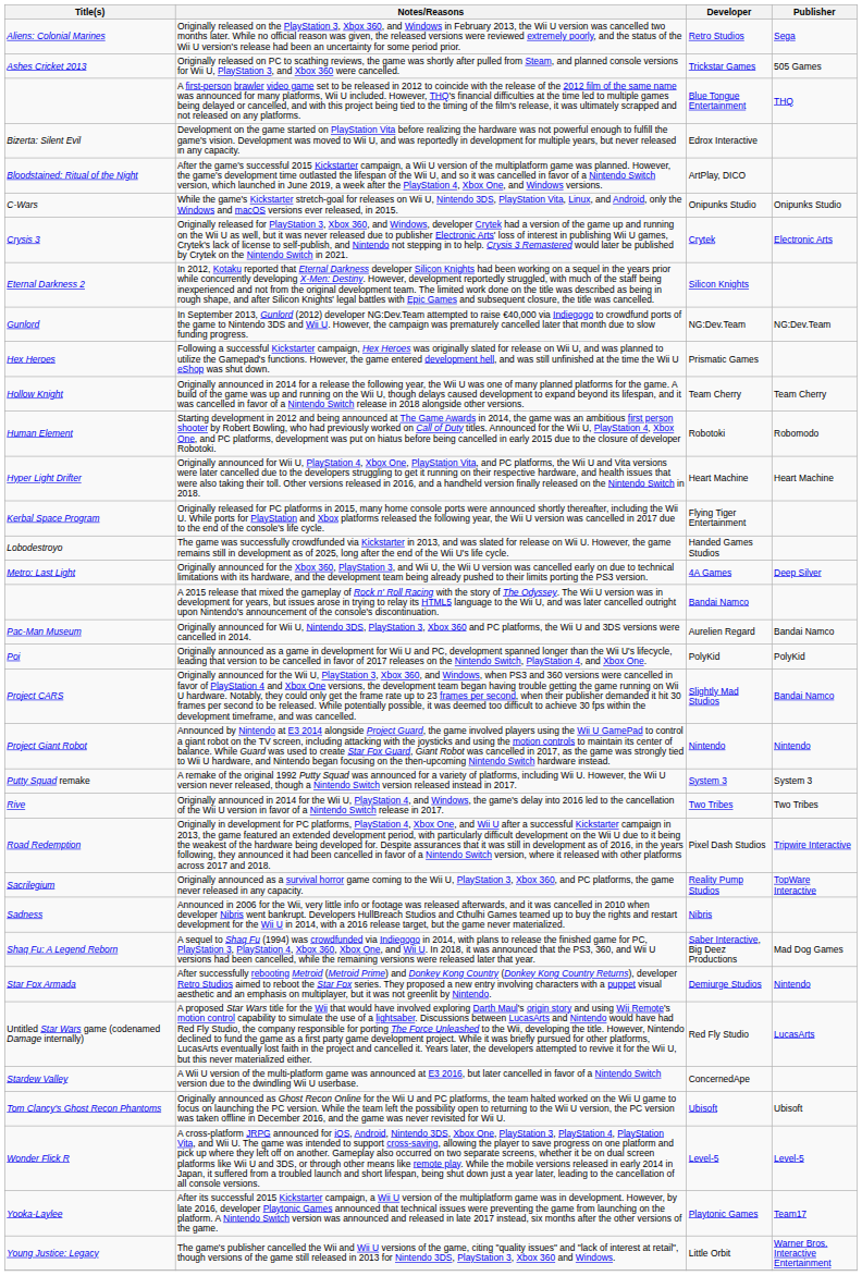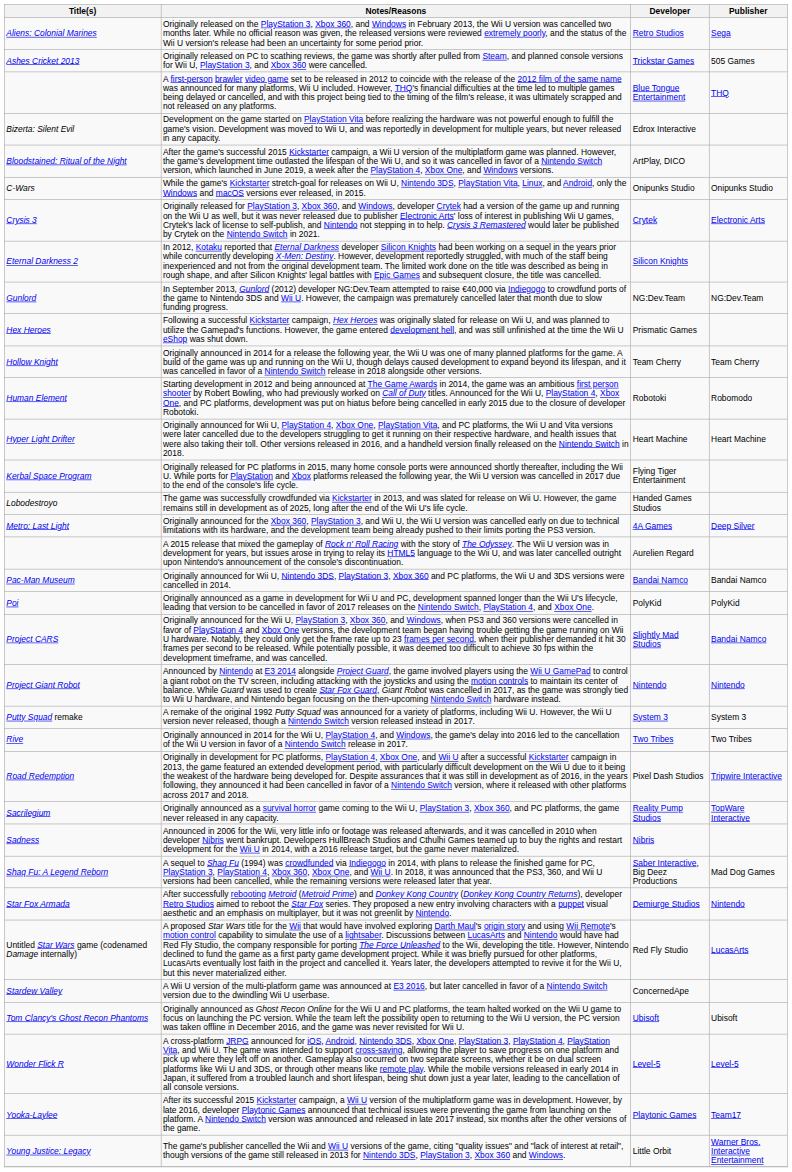 <table class="wikitable sortable" id="softwarelist" style="width:100%; font-size:85%;">
 <tr>
 <th width=20%>Title(s)</th>
 <th width=60% class="unsortable">Notes/Reasons</th>
 <th width=10%>Developer</th>
 <th width=10%>Publisher</th>
 </tr>
 <tr>
 <td id="A"><em><a href='#'>Aliens: Colonial Marines</a></em></td>
 <td>Originally released on the <a href='#'>PlayStation 3</a>, <a href='#'>Xbox 360</a>, and <a href='#'>Windows</a> in February 2013, the Wii U version was cancelled two months later. While no official reason was given, the released versions were reviewed <a href='#'>extremely poorly</a>, and the status of the Wii U version's release had been an uncertainty for some period prior.</td>
 <td><a href='#'>Retro Studios</a></td>
 <td><a href='#'>Sega</a></td>
 </tr>
 <tr>
 <td><em><a href='#'>Ashes Cricket 2013</a></em></td>
 <td>Originally released on PC to scathing reviews, the game was shortly after pulled from <a href='#'>Steam</a>, and planned console versions for Wii U, <a href='#'>PlayStation 3</a>, and <a href='#'>Xbox 360</a> were cancelled.</td>
 <td><a href='#'>Trickstar Games</a></td>
 <td>505 Games</td>
 </tr>
 <tr>
 <td></td>
 <td>A <a href='#'>first-person</a> <a href='#'>brawler</a> <a href='#'>video game</a> set to be released in 2012 to coincide with the release of the <a href='#'>2012 film of the same name</a> was announced for many platforms, Wii U included. However, <a href='#'>THQ</a>'s financial difficulties at the time led to multiple games being delayed or cancelled, and with this project being tied to the timing of the film's release, it was ultimately scrapped and not released on any platforms.</td>
 <td><a href='#'>Blue Tongue Entertainment</a></td>
 <td><a href='#'>THQ</a></td>
 </tr>
 <tr>
 <td id="B"><em>Bizerta: Silent Evil</em></td>
 <td>Development on the game started on <a href='#'>PlayStation Vita</a> before realizing the hardware was not powerful enough to fulfill the game's vision. Development was moved to Wii U, and was reportedly in development for multiple years, but never released in any capacity.</td>
 <td>Edrox Interactive</td>
 <td></td>
 </tr>
 <tr>
 <td><em><a href='#'>Bloodstained: Ritual of the Night</a></em></td>
 <td>After the game's successful 2015 <a href='#'>Kickstarter</a> campaign, a Wii U version of the multiplatform game was planned. However, the game's development time outlasted the lifespan of the Wii U, and so it was cancelled in favor of a <a href='#'>Nintendo Switch</a> version, which launched in June 2019, a week after the <a href='#'>PlayStation 4</a>, <a href='#'>Xbox One</a>, and <a href='#'>Windows</a> versions.</td>
 <td>ArtPlay, DICO</td>
 <td></td>
 </tr>
 <tr>
 <td id="C"><em>C-Wars</em></td>
 <td>While the game's <a href='#'>Kickstarter</a> stretch-goal for releases on Wii U, <a href='#'>Nintendo 3DS</a>, <a href='#'>PlayStation Vita</a>, <a href='#'>Linux</a>, and <a href='#'>Android</a>, only the <a href='#'>Windows</a> and <a href='#'>macOS</a> versions ever released, in 2015.</td>
 <td>Onipunks Studio</td>
 <td>Onipunks Studio</td>
 </tr>
 <tr>
 <td><em><a href='#'>Crysis 3</a></em></td>
 <td>Originally released for <a href='#'>PlayStation 3</a>, <a href='#'>Xbox 360</a>, and <a href='#'>Windows</a>, developer <a href='#'>Crytek</a> had a version of the game up and running on the Wii U as well, but it was never released due to publisher <a href='#'>Electronic Arts</a>' loss of interest in publishing Wii U games, Crytek's lack of license to self-publish, and <a href='#'>Nintendo</a> not stepping in to help. <em><a href='#'>Crysis 3 Remastered</a></em> would later be published by Crytek on the <a href='#'>Nintendo Switch</a> in 2021.</td>
 <td><a href='#'>Crytek</a></td>
 <td><a href='#'>Electronic Arts</a></td>
 </tr>
 <tr>
 <td id="E"><em><a href='#'>Eternal Darkness 2</a></em></td>
 <td>In 2012, <a href='#'>Kotaku</a> reported that <em><a href='#'>Eternal Darkness</a></em> developer <a href='#'>Silicon Knights</a> had been working on a sequel in the years prior while concurrently developing <em><a href='#'>X-Men: Destiny</a></em>. However, development reportedly struggled, with much of the staff being inexperienced and not from the original development team. The limited work done on the title was described as being in rough shape, and after Silicon Knights' legal battles with <a href='#'>Epic Games</a> and subsequent closure, the title was cancelled.</td>
 <td><a href='#'>Silicon Knights</a></td>
 <td></td>
 </tr>
 <tr>
 <td id="G"><em><a href='#'>Gunlord</a></em></td>
 <td>In September 2013, <em><a href='#'>Gunlord</a></em> (2012) developer NG:Dev.Team attempted to raise €40,000 via <a href='#'>Indiegogo</a> to crowdfund ports of the game to Nintendo 3DS and <a href='#'>Wii U</a>. However, the campaign was prematurely cancelled later that month due to slow funding progress.</td>
 <td>NG:Dev.Team</td>
 <td>NG:Dev.Team</td>
 </tr>
 <tr>
 <td id="H"><em><a href='#'>Hex Heroes</a></em></td>
 <td>Following a successful <a href='#'>Kickstarter</a> campaign, <em><a href='#'>Hex Heroes</a></em> was originally slated for release on Wii U, and was planned to utilize the Gamepad's functions. However, the game entered <a href='#'>development hell</a>, and was still unfinished at the time the Wii U <a href='#'>eShop</a> was shut down.</td>
 <td>Prismatic Games</td>
 <td></td>
 </tr>
 <tr>
 <td><em><a href='#'>Hollow Knight</a></em></td>
 <td>Originally announced in 2014 for a release the following year, the Wii U was one of many planned platforms for the game. A build of the game was up and running on the Wii U, though delays caused development to expand beyond its lifespan, and it was cancelled in favor of a <a href='#'>Nintendo Switch</a> release in 2018 alongside other versions.</td>
 <td>Team Cherry</td>
 <td>Team Cherry</td>
 </tr>
 <tr>
 <td><em><a href='#'>Human Element</a></em></td>
 <td>Starting development in 2012 and being announced at <a href='#'>The Game Awards</a> in 2014, the game was an ambitious <a href='#'>first person shooter</a> by Robert Bowling, who had previously worked on <em><a href='#'>Call of Duty</a></em> titles. Announced for the Wii U, <a href='#'>PlayStation 4</a>, <a href='#'>Xbox One</a>, and PC platforms, development was put on hiatus before being cancelled in early 2015 due to the closure of developer Robotoki.</td>
 <td>Robotoki</td>
 <td>Robomodo</td>
 </tr>
 <tr>
 <td><em><a href='#'>Hyper Light Drifter</a></em></td>
 <td>Originally announced for Wii U, <a href='#'>PlayStation 4</a>, <a href='#'>Xbox One</a>, <a href='#'>PlayStation Vita</a>, and PC platforms, the Wii U and Vita versions were later cancelled due to the developers struggling to get it running on their respective hardware, and health issues that were also taking their toll. Other versions released in 2016, and a handheld version finally released on the <a href='#'>Nintendo Switch</a> in 2018.</td>
 <td>Heart Machine</td>
 <td>Heart Machine</td>
 </tr>
 <tr>
 <td id="K"><em><a href='#'>Kerbal Space Program</a></em></td>
 <td>Originally released for PC platforms in 2015, many home console ports were announced shortly thereafter, including the Wii U. While ports for <a href='#'>PlayStation</a> and <a href='#'>Xbox</a> platforms released the following year, the Wii U version was cancelled in 2017 due to the end of the console's life cycle.</td>
 <td>Flying Tiger Entertainment</td>
 <td></td>
 </tr>
 <tr>
 <td id="L"><em>Lobodestroyo</em></td>
 <td>The game was successfully crowdfunded via <a href='#'>Kickstarter</a> in 2013, and was slated for release on Wii U. However, the game remains still in development as of 2025, long after the end of the Wii U's life cycle.</td>
 <td>Handed Games Studios</td>
 <td></td>
 </tr>
 <tr>
 <td id="M"><em><a href='#'>Metro: Last Light</a></em></td>
 <td>Originally announced for the <a href='#'>Xbox 360</a>, <a href='#'>PlayStation 3</a>, and Wii U, the Wii U version was cancelled early on due to technical limitations with its hardware, and the development team being already pushed to their limits porting the PS3 version.</td>
 <td><a href='#'>4A Games</a></td>
 <td><a href='#'>Deep Silver</a></td>
 </tr>
 <tr>
 <td id="N"></td>
 <td>A 2015 release that mixed the gameplay of <em><a href='#'>Rock n' Roll Racing</a></em> with the story of <em><a href='#'>The Odyssey</a></em>. The Wii U version was in development for years, but issues arose in trying to relay its <a href='#'>HTML5</a> language to the Wii U, and was later cancelled outright upon Nintendo's announcement of the console's discontinuation.</td>
-<td><a href='#'>Bandai Namco</a></td>
+<td>Aurelien Regard</td>
 <td></td>
 </tr>
 <tr>
 <td id="P"><em><a href='#'>Pac-Man Museum</a></em></td>
 <td>Originally announced for Wii U, <a href='#'>Nintendo 3DS</a>, <a href='#'>PlayStation 3</a>, <a href='#'>Xbox 360</a> and PC platforms, the Wii U and 3DS versions were cancelled in 2014.</td>
-<td>Aurelien Regard</td>
+<td><a href='#'>Bandai Namco</a></td>
 <td>Bandai Namco</td>
 </tr>
 <tr>
 <td><em><a href='#'>Poi</a></em></td>
 <td>Originally announced as a game in development for Wii U and PC, development spanned longer than the Wii U's lifecycle, leading that version to be cancelled in favor of 2017 releases on the <a href='#'>Nintendo Switch</a>, <a href='#'>PlayStation 4</a>, and <a href='#'>Xbox One</a>.</td>
 <td>PolyKid</td>
 <td>PolyKid</td>
 </tr>
 <tr>
 <td><em><a href='#'>Project CARS</a></em></td>
 <td>Originally announced for the Wii U, <a href='#'>PlayStation 3</a>, <a href='#'>Xbox 360</a>, and <a href='#'>Windows</a>, when PS3 and 360 versions were cancelled in favor of <a href='#'>PlayStation 4</a> and <a href='#'>Xbox One</a> versions, the development team began having trouble getting the game running on Wii U hardware. Notably, they could only get the frame rate up to 23 <a href='#'>frames per second</a>, when their publisher demanded it hit 30 frames per second to be released. While potentially possible, it was deemed too difficult to achieve 30 fps within the development timeframe, and was cancelled.</td>
 <td><a href='#'>Slightly Mad Studios</a></td>
 <td><a href='#'>Bandai Namco</a></td>
 </tr>
 <tr>
 <td><em><a href='#'>Project Giant Robot</a></em></td>
 <td>Announced by <a href='#'>Nintendo</a> at <a href='#'>E3 2014</a> alongside <em><a href='#'>Project Guard</a></em>, the game involved players using the <a href='#'>Wii U GamePad</a> to control a giant robot on the TV screen, including attacking with the joysticks and using the <a href='#'>motion controls</a> to maintain its center of balance. While <em>Guard</em> was used to create <em><a href='#'>Star Fox Guard</a></em>, <em>Giant Robot</em> was cancelled in 2017, as the game was strongly tied to Wii U hardware, and Nintendo began focusing on the then-upcoming <a href='#'>Nintendo Switch</a> hardware instead.</td>
 <td><a href='#'>Nintendo</a></td>
 <td><a href='#'>Nintendo</a></td>
 </tr>
 <tr>
 <td><em><a href='#'>Putty Squad</a></em> remake</td>
 <td>A remake of the original 1992 <em>Putty Squad</em> was announced for a variety of platforms, including Wii U. However, the Wii U version never released, though a <a href='#'>Nintendo Switch</a> version released instead in 2017.</td>
 <td><a href='#'>System 3</a></td>
 <td>System 3</td>
 </tr>
 <tr>
 <td id="R"><em><a href='#'>Rive</a></em></td>
 <td>Originally announced in 2014 for the Wii U, <a href='#'>PlayStation 4</a>, and <a href='#'>Windows</a>, the game's delay into 2016 led to the cancellation of the Wii U version in favor of a <a href='#'>Nintendo Switch</a> release in 2017.</td>
 <td><a href='#'>Two Tribes</a></td>
 <td>Two Tribes</td>
 </tr>
 <tr>
 <td><em><a href='#'>Road Redemption</a></em></td>
 <td>Originally in development for PC platforms, <a href='#'>PlayStation 4</a>, <a href='#'>Xbox One</a>, and <a href='#'>Wii U</a> after a successful <a href='#'>Kickstarter</a> campaign in 2013, the game featured an extended development period, with particularly difficult development on the Wii U due to it being the weakest of the hardware being developed for. Despite assurances that it was still in development as of 2016, in the years following, they announced it had been cancelled in favor of a <a href='#'>Nintendo Switch</a> version, where it released with other platforms across 2017 and 2018.</td>
 <td>Pixel Dash Studios</td>
 <td><a href='#'>Tripwire Interactive</a></td>
 </tr>
 <tr>
 <td id="S"><em><a href='#'>Sacrilegium</a></em></td>
 <td>Originally announced as a <a href='#'>survival horror</a> game coming to the Wii U, <a href='#'>PlayStation 3</a>, <a href='#'>Xbox 360</a>, and PC platforms, the game never released in any capacity.</td>
 <td><a href='#'>Reality Pump Studios</a></td>
 <td><a href='#'>TopWare Interactive</a></td>
 </tr>
 <tr>
 <td><em><a href='#'>Sadness</a></em></td>
 <td>Announced in 2006 for the Wii, very little info or footage was released afterwards, and it was cancelled in 2010 when developer <a href='#'>Nibris</a> went bankrupt. Developers HullBreach Studios and Cthulhi Games teamed up to buy the rights and restart development for the <a href='#'>Wii U</a> in 2014, with a 2016 release target, but the game never materialized.</td>
 <td><a href='#'>Nibris</a></td>
 <td></td>
 </tr>
 <tr>
 <td><em><a href='#'>Shaq Fu: A Legend Reborn</a></em></td>
 <td>A sequel to <em><a href='#'>Shaq Fu</a></em> (1994) was <a href='#'>crowdfunded</a> via <a href='#'>Indiegogo</a> in 2014, with plans to release the finished game for PC, <a href='#'>PlayStation 3</a>, <a href='#'>PlayStation 4</a>, <a href='#'>Xbox 360</a>, <a href='#'>Xbox One</a>, and <a href='#'>Wii U</a>. In 2018, it was announced that the PS3, 360, and Wii U versions had been cancelled, while the remaining versions were released later that year.</td>
 <td><a href='#'>Saber Interactive</a>, Big Deez Productions</td>
 <td>Mad Dog Games</td>
 </tr>
 <tr>
 <td><em><a href='#'>Star Fox Armada</a></em></td>
 <td>After successfully <a href='#'>rebooting</a> <em><a href='#'>Metroid</a></em> (<em><a href='#'>Metroid Prime</a></em>) and <em><a href='#'>Donkey Kong Country</a></em> (<em><a href='#'>Donkey Kong Country Returns</a></em>), developer <a href='#'>Retro Studios</a> aimed to reboot the <em><a href='#'>Star Fox</a></em> series. They proposed a new entry involving characters with a <a href='#'>puppet</a> visual aesthetic and an emphasis on multiplayer, but it was not greenlit by <a href='#'>Nintendo</a>.</td>
 <td><a href='#'>Demiurge Studios</a></td>
 <td><a href='#'>Nintendo</a></td>
 </tr>
 <tr>
 <td>Untitled <em><a href='#'>Star Wars</a></em> game (codenamed <em>Damage</em> internally)</td>
 <td>A proposed <em>Star Wars</em> title for the <a href='#'>Wii</a> that would have involved exploring <a href='#'>Darth Maul</a>'s <a href='#'>origin story</a> and using <a href='#'>Wii Remote</a>'s <a href='#'>motion control</a> capability to simulate the use of a <a href='#'>lightsaber</a>. Discussions between <a href='#'>LucasArts</a> and <a href='#'>Nintendo</a> would have had Red Fly Studio, the company responsible for porting <em><a href='#'>The Force Unleashed</a></em> to the Wii, developing the title. However, Nintendo declined to fund the game as a first party game development project. While it was briefly pursued for other platforms, LucasArts eventually lost faith in the project and cancelled it. Years later, the developers attempted to revive it for the Wii U, but this never materialized either.</td>
 <td>Red Fly Studio</td>
 <td><a href='#'>LucasArts</a></td>
 </tr>
 <tr>
 <td><em><a href='#'>Stardew Valley</a></em></td>
 <td>A Wii U version of the multi-platform game was announced at <a href='#'>E3 2016</a>, but later cancelled in favor of a <a href='#'>Nintendo Switch</a> version due to the dwindling Wii U userbase.</td>
 <td>ConcernedApe</td>
 <td></td>
 </tr>
 <tr>
 <td id="T"><em><a href='#'>Tom Clancy's Ghost Recon Phantoms</a></em></td>
 <td>Originally announced as <em>Ghost Recon Online</em> for the Wii U and PC platforms, the team halted worked on the Wii U game to focus on launching the PC version. While the team left the possibility open to returning to the Wii U version, the PC version was taken offline in December 2016, and the game was never revisited for Wii U.</td>
 <td><a href='#'>Ubisoft</a></td>
 <td>Ubisoft</td>
 </tr>
 <tr>
 <td id="W"><em><a href='#'>Wonder Flick R</a></em></td>
 <td>A cross-platform <a href='#'>JRPG</a> announced for <a href='#'>iOS</a>, <a href='#'>Android</a>, <a href='#'>Nintendo 3DS</a>, <a href='#'>Xbox One</a>, <a href='#'>PlayStation 3</a>, <a href='#'>PlayStation 4</a>, <a href='#'>PlayStation Vita</a>, and Wii U. The game was intended to support <a href='#'>cross-saving</a>, allowing the player to save progress on one platform and pick up where they left off on another. Gameplay also occurred on two separate screens, whether it be on dual screen platforms like Wii U and 3DS, or through other means like <a href='#'>remote play</a>. While the mobile versions released in early 2014 in Japan, it suffered from a troubled launch and short lifespan, being shut down just a year later, leading to the cancellation of all console versions.</td>
 <td><a href='#'>Level-5</a></td>
 <td><a href='#'>Level-5</a></td>
 </tr>
 <tr>
 <td id="Y"><em><a href='#'>Yooka-Laylee</a></em></td>
 <td>After its successful 2015 <a href='#'>Kickstarter</a> campaign, a <a href='#'>Wii U</a> version of the multiplatform game was in development. However, by late 2016, developer <a href='#'>Playtonic Games</a> announced that technical issues were preventing the game from launching on the platform. A <a href='#'>Nintendo Switch</a> version was announced and released in late 2017 instead, six months after the other versions of the game.</td>
 <td><a href='#'>Playtonic Games</a></td>
 <td><a href='#'>Team17</a></td>
 </tr>
 <tr>
 <td><em><a href='#'>Young Justice: Legacy</a></em></td>
 <td>The game's publisher cancelled the Wii and <a href='#'>Wii U</a> versions of the game, citing "quality issues" and "lack of interest at retail", though versions of the game still released in 2013 for <a href='#'>Nintendo 3DS</a>, <a href='#'>PlayStation 3</a>, <a href='#'>Xbox 360</a> and <a href='#'>Windows</a>.</td>
 <td>Little Orbit</td>
 <td><a href='#'>Warner Bros. Interactive Entertainment</a></td>
 </tr>
 <tr>
 </tr>
 </table>
